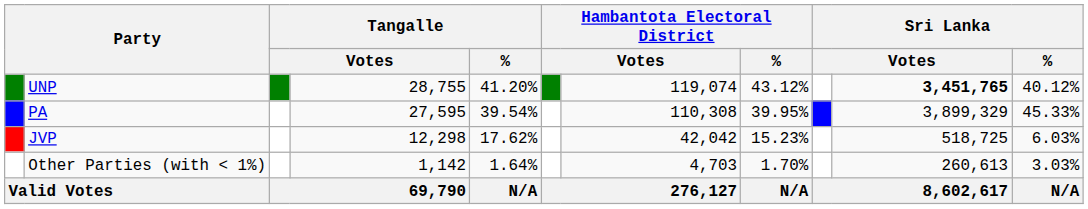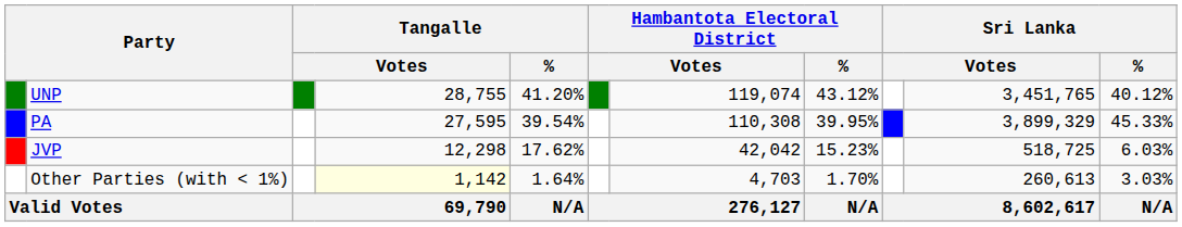 <table class="wikitable">
 <tr>
 <th colspan="2" width="144px"rowspan="2">Party</th>
 <th colspan="3" width="216px">Tangalle</th>
 <th colspan="3" width="216px"><a href='#'>Hambantota Electoral District</a></th>
 <th colspan="3" width="216px">Sri Lanka</th>
 </tr>
 <tr>
 <th colspan="2" width="144px">Votes</th>
 <th>%</th>
 <th colspan="2" width="144px">Votes</th>
 <th>%</th>
 <th colspan="2" width="144px">Votes</th>
 <th>%</th>
 </tr>
 <tr>
 <td style="background-color:green;" width="10px"></td>
 <td style="text-align:left;"><a href='#'>UNP</a></td>
 <td style="background-color:green;" width="10px"></td>
 <td style="text-align:right;">28,755</td>
 <td style="text-align:right;">41.20%</td>
 <td style="background-color:green;" width="10px"></td>
 <td style="text-align:right;">119,074</td>
 <td style="text-align:right;">43.12%</td>
 <td style="background-color:white;" width="10px"></td>
-<td style="text-align:right;"><strong>3,451,765</strong></td>
+<td style="text-align:right;">3,451,765</td>
 <td style="text-align:right;">40.12%</td>
 </tr>
 <tr>
 <td style="background-color:blue;" width="10px"></td>
 <td style="text-align:left;"><a href='#'>PA</a></td>
 <td style="background-color:white;" width="10px"></td>
 <td style="text-align:right;">27,595</td>
 <td style="text-align:right;">39.54%</td>
 <td style="background-color:white;" width="10px"></td>
 <td style="text-align:right;">110,308</td>
 <td style="text-align:right;">39.95%</td>
 <td style="background-color:blue;" width="10px"></td>
 <td style="text-align:right;">3,899,329</td>
 <td style="text-align:right;">45.33%</td>
 </tr>
 <tr>
 <td style="background-color:red;" width="10px"></td>
 <td style="text-align:left;"><a href='#'>JVP</a></td>
 <td style="background-color:white;" width="10px"></td>
 <td style="text-align:right;">12,298</td>
 <td style="text-align:right;">17.62%</td>
 <td style="background-color:white;" width="10px"></td>
 <td style="text-align:right;">42,042</td>
 <td style="text-align:right;">15.23%</td>
 <td style="background-color:white;" width="10px"></td>
 <td style="text-align:right;">518,725</td>
 <td style="text-align:right;">6.03%</td>
 </tr>
 <tr>
 <td style="background-color:white;" width="10px"></td>
 <td style="text-align:left;">Other Parties (with < 1%)</td>
 <td style="background-color:white;" width="10px"></td>
-<td style="text-align:right;">1,142</td>
+<td style="background: lightyellow; text-align:right;">1,142</td>
 <td style="text-align:right;">1.64%</td>
 <td style="background-color:white;" width="10px"></td>
 <td style="text-align:right;">4,703</td>
 <td style="text-align:right;">1.70%</td>
 <td style="background-color:white;" width="10px"></td>
 <td style="text-align:right;">260,613</td>
 <td style="text-align:right;">3.03%</td>
 </tr>
 <tr>
 <th colspan="2" width="144px"style="text-align:left;">Valid Votes</th>
 <th style="text-align:right;"colspan="2" width="144px">69,790</th>
 <th style="text-align:right;">N/A</th>
 <th style="text-align:right;"colspan="2" width="144px">276,127</th>
 <th style="text-align:right;">N/A</th>
 <th style="text-align:right;"colspan="2" width="144px">8,602,617</th>
 <th style="text-align:right;">N/A</th>
 </tr>
 </table>
